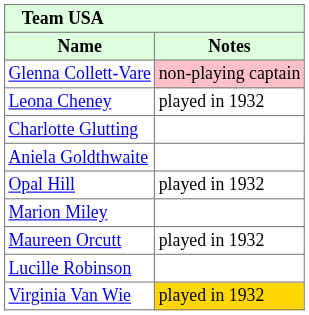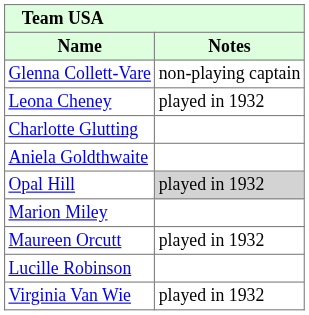 <table border="1" cellpadding="3" style="border-collapse: collapse;">
 <tr style="background:#ddffdd;">
 <td colspan="6">   <strong>Team USA</strong></td>
 </tr>
 <tr style="background:#ddffdd;">
 <th>Name</th>
 <th>Notes</th>
 </tr>
 <tr>
 <td><a href='#'>Glenna Collett-Vare</a></td>
-<td style="background: pink;">non-playing captain</td>
+<td>non-playing captain</td>
 </tr>
 <tr>
 <td><a href='#'>Leona Cheney</a></td>
 <td>played in 1932</td>
 </tr>
 <tr>
 <td><a href='#'>Charlotte Glutting</a></td>
 <td></td>
 </tr>
 <tr>
 <td><a href='#'>Aniela Goldthwaite</a></td>
 <td></td>
 </tr>
 <tr>
 <td><a href='#'>Opal Hill</a></td>
-<td>played in 1932</td>
+<td style="background: lightgrey;">played in 1932</td>
 </tr>
 <tr>
 <td><a href='#'>Marion Miley</a></td>
 <td></td>
 </tr>
 <tr>
 <td><a href='#'>Maureen Orcutt</a></td>
 <td>played in 1932</td>
 </tr>
 <tr>
 <td><a href='#'>Lucille Robinson</a></td>
 <td></td>
 </tr>
 <tr>
 <td><a href='#'>Virginia Van Wie</a></td>
-<td style="background: gold;">played in 1932</td>
+<td>played in 1932</td>
 </tr>
 </table>
